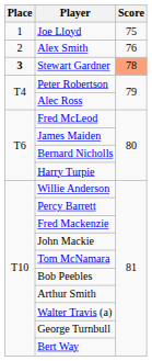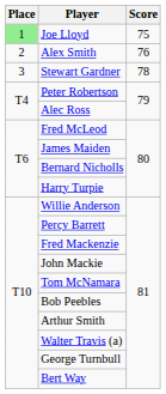 <table class=wikitable>
 <tr>
 <th>Place</th>
 <th>Player</th>
 <th>Score</th>
 </tr>
 <tr>
-<td align=center>1</td>
+<td align=center style="background: lightgreen;">1</td>
 <td> <a href='#'>Joe Lloyd</a></td>
 <td align=center>75</td>
 </tr>
 <tr>
 <td align=center>2</td>
 <td> <a href='#'>Alex Smith</a></td>
 <td align=center>76</td>
 </tr>
 <tr>
-<td align=center><strong>3</strong></td>
+<td align=center>3</td>
 <td> <a href='#'>Stewart Gardner</a></td>
-<td align=center style="background: lightsalmon;">78</td>
+<td align=center>78</td>
 </tr>
 <tr>
 <td rowspan=2 align=center>T4</td>
 <td> <a href='#'>Peter Robertson</a></td>
 <td rowspan=2 align=center>79</td>
 </tr>
 <tr>
 <td> <a href='#'>Alec Ross</a></td>
 </tr>
 <tr>
 <td rowspan=4 align=center>T6</td>
 <td> <a href='#'>Fred McLeod</a></td>
 <td rowspan=4 align=center>80</td>
 </tr>
 <tr>
 <td> <a href='#'>James Maiden</a></td>
 </tr>
 <tr>
 <td> <a href='#'>Bernard Nicholls</a></td>
 </tr>
 <tr>
 <td> <a href='#'>Harry Turpie</a></td>
 </tr>
 <tr>
 <td rowspan=10 align=center>T10</td>
 <td> <a href='#'>Willie Anderson</a></td>
 <td rowspan=10 align=center>81</td>
 </tr>
 <tr>
 <td> <a href='#'>Percy Barrett</a></td>
 </tr>
 <tr>
 <td> <a href='#'>Fred Mackenzie</a></td>
 </tr>
 <tr>
 <td>John Mackie</td>
 </tr>
 <tr>
 <td> <a href='#'>Tom McNamara</a></td>
 </tr>
 <tr>
 <td> Bob Peebles</td>
 </tr>
 <tr>
 <td>Arthur Smith</td>
 </tr>
 <tr>
 <td> <a href='#'>Walter Travis</a> (a)</td>
 </tr>
 <tr>
 <td> George Turnbull</td>
 </tr>
 <tr>
 <td> <a href='#'>Bert Way</a></td>
 </tr>
 </table>
